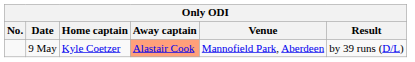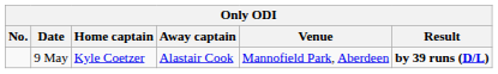 <table class="wikitable">
 <tr>
 <th colspan="9">Only ODI</th>
 </tr>
 <tr>
 <th>No.</th>
 <th>Date</th>
 <th>Home captain</th>
 <th>Away captain</th>
 <th>Venue</th>
 <th>Result</th>
 </tr>
 <tr>
 <td></td>
 <td>9 May</td>
 <td><a href='#'>Kyle Coetzer</a></td>
-<td style="background: lightsalmon;"><a href='#'>Alastair Cook</a></td>
+<td><a href='#'>Alastair Cook</a></td>
 <td><a href='#'>Mannofield Park</a>, <a href='#'>Aberdeen</a></td>
-<td> by 39 runs (<a href='#'>D/L</a>)</td>
+<td><strong> by 39 runs (<a href='#'>D/L</a>)</strong></td>
 </tr>
 </table>
